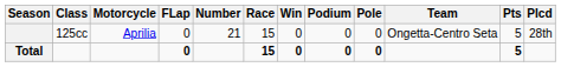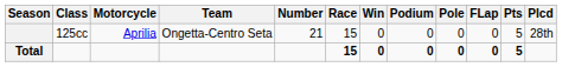 <table class="wikitable">
 <tr>
 <th>Season</th>
 <th>Class</th>
 <th>Motorcycle</th>
-<th>FLap</th>
+<th>Team</th>
 <th>Number</th>
 <th>Race</th>
 <th>Win</th>
 <th>Podium</th>
 <th>Pole</th>
-<th>Team</th>
+<th>FLap</th>
 <th>Pts</th>
 <th>Plcd</th>
 </tr>
 <tr align="right">
 <th></th>
 <td>125cc</td>
 <td><a href='#'>Aprilia</a></td>
-<td>0</td>
+<td>Ongetta-Centro Seta</td>
 <td>21</td>
 <td>15</td>
 <td>0</td>
 <td>0</td>
 <td>0</td>
-<td>Ongetta-Centro Seta</td>
+<td>0</td>
 <td>5</td>
 <td>28th</td>
 </tr>
 <tr align="right">
 <th>Total</th>
 <td></td>
 <td></td>
-<td><strong>0</strong></td>
+<td></td>
 <td></td>
 <td><strong>15</strong></td>
 <td><strong>0</strong></td>
 <td><strong>0</strong></td>
 <td><strong>0</strong></td>
-<td></td>
+<td><strong>0</strong></td>
 <td><strong>5</strong></td>
 <td></td>
 </tr>
 </table>
